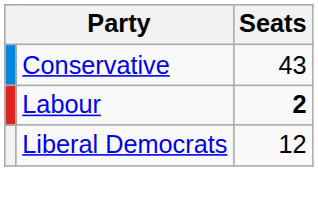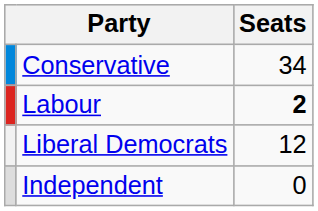 <table class="wikitable">
 <tr>
 <th colspan=2>Party</th>
 <th>Seats</th>
 </tr>
 <tr>
 <th style="background-color: #0087DC"></th>
 <td><a href='#'>Conservative</a></td>
-<td align=right>43</td>
+<td align=right>34</td>
 </tr>
 <tr>
 <th style="background-color: #DC241f"></th>
 <td><a href='#'>Labour</a></td>
 <td align=right><strong>2</strong></td>
 </tr>
 <tr>
 <th style="background-color: "></th>
 <td><a href='#'>Liberal Democrats</a></td>
 <td align=right>12</td>
 </tr>
+<tr>
+<th style="background-color: #DDDDDD"></th>
+<td><a href='#'>Independent</a></td>
+<td align=right>0</td>
+</tr>
 </table>
